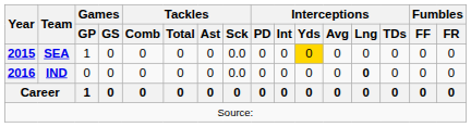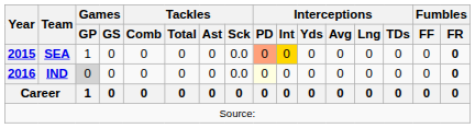 <table class="wikitable" style="text-align: center;">
 <tr>
 <th rowspan="2">Year</th>
 <th rowspan="2">Team</th>
 <th colspan="2">Games</th>
 <th colspan="4">Tackles</th>
 <th colspan="6">Interceptions</th>
 <th colspan="2">Fumbles</th>
 </tr>
 <tr>
 <th>GP</th>
 <th>GS</th>
 <th>Comb</th>
 <th>Total</th>
 <th>Ast</th>
 <th>Sck</th>
 <th>PD</th>
 <th>Int</th>
 <th>Yds</th>
 <th>Avg</th>
 <th>Lng</th>
 <th>TDs</th>
 <th>FF</th>
 <th>FR</th>
 </tr>
 <tr>
 <th><a href='#'>2015</a></th>
 <th><a href='#'>SEA</a></th>
 <td>1</td>
 <td>0</td>
 <td>0</td>
 <td>0</td>
 <td>0</td>
 <td>0.0</td>
-<td>0</td>
-<td>0</td>
+<td style="background: lightsalmon;">0</td>
 <td style="background: gold;">0</td>
 <td>0</td>
 <td>0</td>
 <td>0</td>
 <td>0</td>
 <td>0</td>
+<td><strong>0</strong></td>
 </tr>
 <tr>
 <th><a href='#'>2016</a></th>
 <th><a href='#'>IND</a></th>
+<td style="background: lightgrey;">0</td>
+<td>0</td>
+<td>0</td>
+<td>0</td>
+<td>0</td>
+<td>0.0</td>
+<td style="background: lightyellow;">0</td>
 <td>0</td>
 <td>0</td>
 <td>0</td>
 <td>0</td>
 <td>0</td>
-<td>0.0</td>
-<td>0</td>
-<td>0</td>
-<td>0</td>
 <td>0</td>
 <td><strong>0</strong></td>
-<td>0</td>
-<td>0</td>
-<td>0</td>
 </tr>
 <tr>
 <th colspan="2">Career</th>
 <th>1</th>
 <th>0</th>
 <th>0</th>
 <th>0</th>
 <th>0</th>
 <th>0</th>
 <th>0</th>
 <th>0</th>
 <th>0</th>
 <th>0</th>
 <th>0</th>
 <th>0</th>
 <th>0</th>
 <th>0</th>
 </tr>
 <tr>
 <td colspan="17"><small>Source: </small></td>
 </tr>
 </table>
